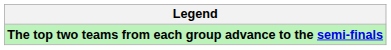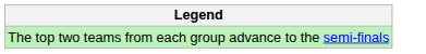 <table class="wikitable">
 <tr>
 <th>Legend</th>
 </tr>
 <tr bgcolor=#BBF3BB>
-<td><strong>The top two teams from each group advance to the <a href='#'>semi-finals</a></strong></td>
+<td>The top two teams from each group advance to the <a href='#'>semi-finals</a></td>
 </tr>
 </table>
